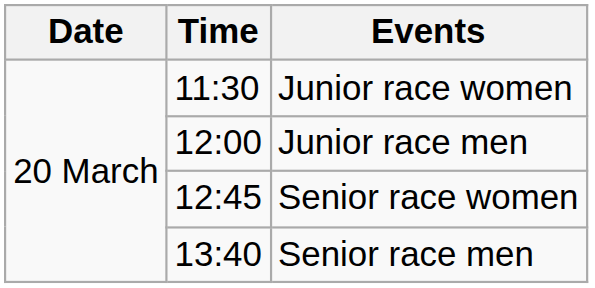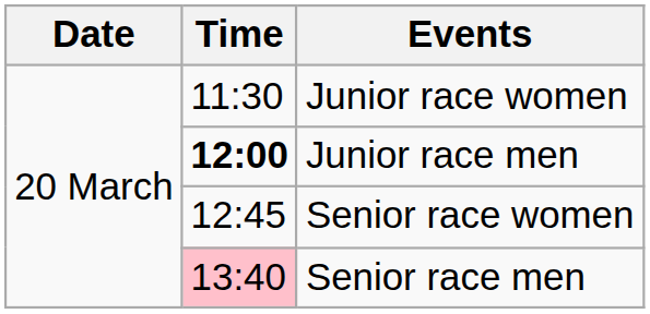 <table class="wikitable" border="1">
 <tr>
 <th>Date</th>
 <th>Time</th>
 <th>Events</th>
 </tr>
 <tr>
 <td rowspan=4>20 March</td>
 <td>11:30</td>
 <td>Junior race women</td>
 </tr>
 <tr>
-<td>12:00</td>
+<td><strong>12:00</strong></td>
 <td>Junior race men</td>
 </tr>
 <tr>
 <td>12:45</td>
 <td>Senior race women</td>
 </tr>
 <tr>
-<td>13:40</td>
+<td style="background: pink;">13:40</td>
 <td>Senior race men</td>
 </tr>
 </table>
